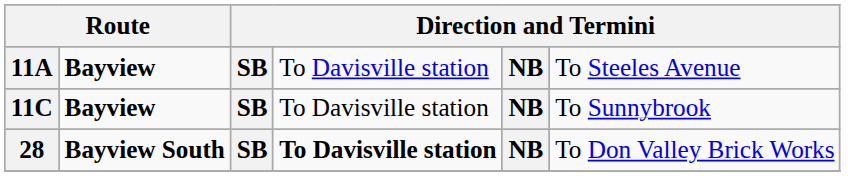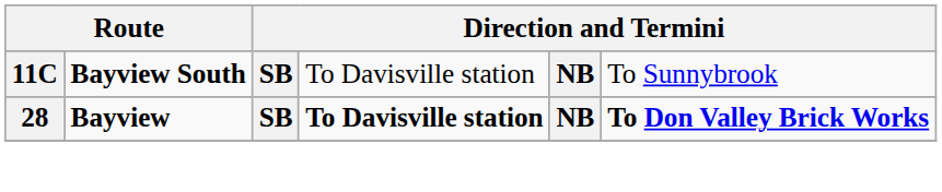 <table class=wikitable style="font-size: 90%;" |>
 <tr>
 <th colspan=2>Route</th>
 <th colspan=4>Direction and Termini</th>
 </tr>
 <tr>
-<th style="background:#"><div><strong>11A</strong></div></th>
-<td><strong>Bayview</strong></td>
-<th>SB</th>
-<td>To <a href='#'>Davisville station</a></td>
-<th>NB</th>
-<td>To <a href='#'>Steeles Avenue</a></td>
-</tr>
-<tr>
 <th style="background:#"><div><strong>11C</strong></div></th>
-<td><strong>Bayview</strong></td>
+<td><strong>Bayview South</strong></td>
 <th>SB</th>
 <td>To Davisville station</td>
 <th>NB</th>
 <td>To <a href='#'>Sunnybrook</a></td>
 </tr>
 <tr>
 <th style="background:#"><div><strong>28</strong></div></th>
-<td><strong>Bayview South</strong></td>
+<td><strong>Bayview</strong></td>
 <th>SB</th>
 <td><strong>To Davisville station</strong></td>
 <th>NB</th>
-<td>To <a href='#'>Don Valley Brick Works</a></td>
+<td><strong>To <a href='#'>Don Valley Brick Works</a></strong></td>
 </tr>
 <tr>
 </tr>
 </table>
